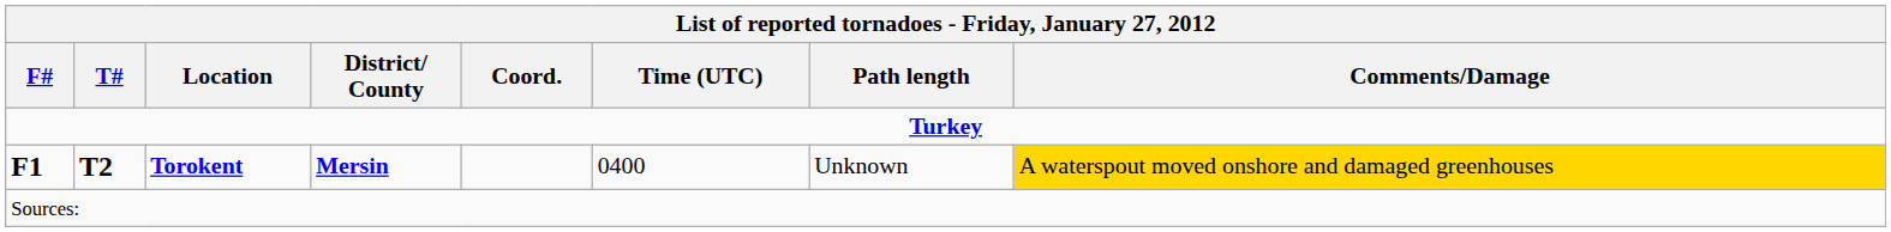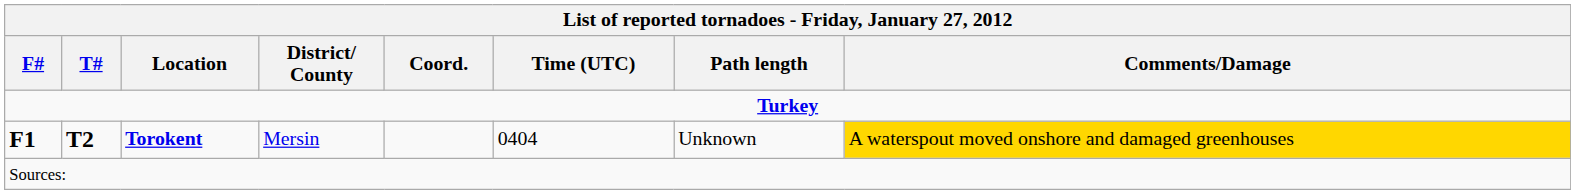 <table class="wikitable collapsible" width="100%">
 <tr>
 <th colspan="8">List of reported tornadoes - Friday, January 27, 2012</th>
 </tr>
 <tr>
 <th><a href='#'>F#</a></th>
 <th><a href='#'>T#</a></th>
 <th>Location</th>
 <th>District/<br>County</th>
 <th>Coord.</th>
 <th>Time (UTC)</th>
 <th>Path length</th>
 <th>Comments/Damage</th>
 </tr>
 <tr>
 <td colspan="8" align=center><strong><a href='#'>Turkey</a></strong></td>
 </tr>
 <tr>
 <td><big><strong>F1</strong></big></td>
 <td><big><strong>T2</strong></big></td>
 <td><strong><a href='#'>Torokent</a></strong></td>
-<td><strong><a href='#'>Mersin</a></strong></td>
+<td><a href='#'>Mersin</a></td>
 <td></td>
-<td>0400</td>
+<td>0404</td>
 <td>Unknown</td>
 <td style="background: gold;">A waterspout moved onshore and damaged greenhouses</td>
 </tr>
 <tr>
 <td colspan="8"><small>Sources:  </small></td>
 </tr>
 </table>
